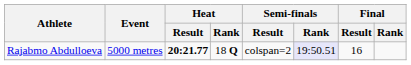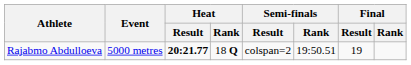 <table class="wikitable" style="font-size:90%; text-align:center">
 <tr>
 <th rowspan="2">Athlete</th>
 <th rowspan="2">Event</th>
 <th colspan="2">Heat</th>
 <th colspan="2">Semi-finals</th>
 <th colspan="2">Final</th>
 </tr>
 <tr>
 <th>Result</th>
 <th>Rank</th>
 <th>Result</th>
 <th>Rank</th>
 <th>Result</th>
 <th>Rank</th>
 </tr>
 <tr>
 <td align="left"><a href='#'>Rajabmo Abdulloeva</a></td>
 <td align="left"><a href='#'>5000 metres</a></td>
 <td><strong>20:21.77</strong></td>
 <td>18 <strong>Q</strong></td>
 <td>colspan=2 </td>
-<td style="background: lavender;">19:50.51</td>
-<td>16</td>
+<td>19:50.51</td>
+<td>19</td>
 </tr>
 </table>
